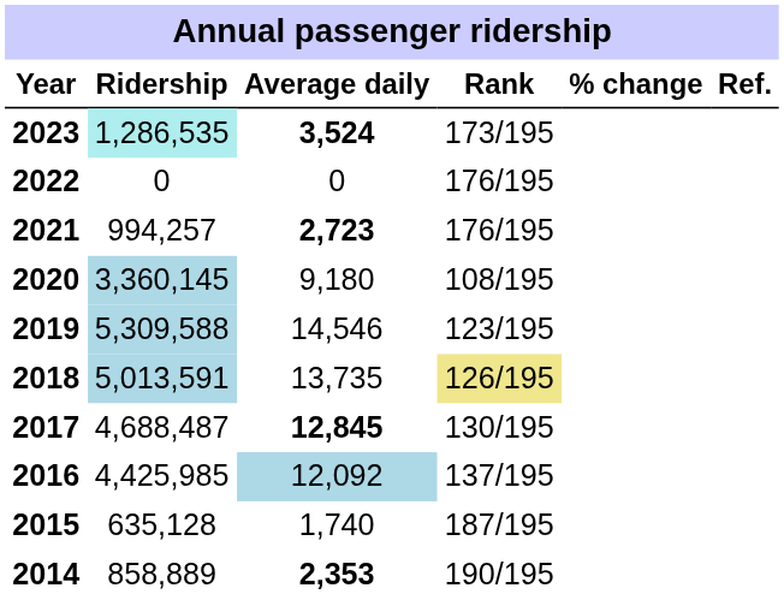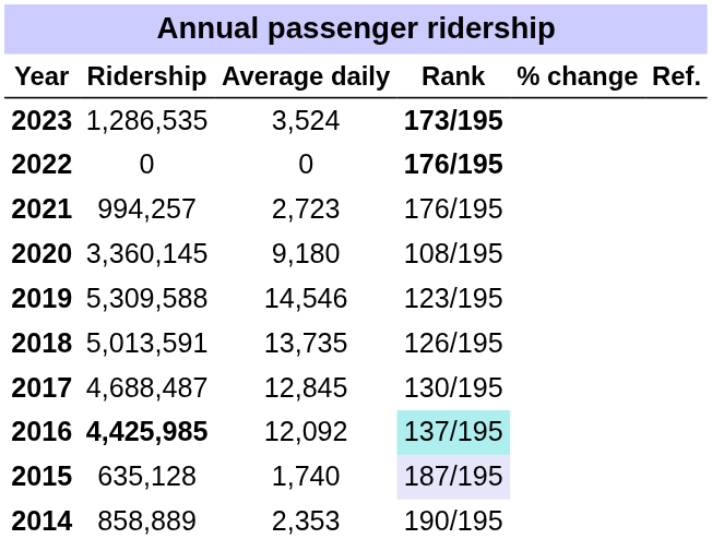 <table class="toccolours" cellpadding="4" cellspacing="0" style="text-align:right;">
 <tr>
 <th colspan="6"  style="background-color:#ccf; background-color:#ccf; font-size:110%; text-align:center;">Annual passenger ridership</th>
 </tr>
 <tr style="font-size:95%; text-align:center">
 <th style="border-bottom:1px solid black">Year</th>
 <th style="border-bottom:1px solid black">Ridership</th>
 <th style="border-bottom:1px solid black">Average daily</th>
 <th style="border-bottom:1px solid black">Rank</th>
 <th style="border-bottom:1px solid black">% change</th>
 <th style="border-bottom:1px solid black">Ref.</th>
 </tr>
 <tr style="text-align:center;">
 <td><strong>2023</strong></td>
-<td style="background: paleturquoise;">1,286,535</td>
-<td><strong>3,524</strong></td>
-<td>173/195</td>
+<td>1,286,535</td>
+<td>3,524</td>
+<td><strong>173/195</strong></td>
 <td></td>
 <td></td>
 </tr>
 <tr style="text-align:center;">
 <td><strong>2022</strong></td>
 <td>0</td>
 <td>0</td>
-<td>176/195</td>
+<td><strong>176/195</strong></td>
 <td></td>
 <td></td>
 </tr>
 <tr style="text-align:center;">
 <td><strong>2021</strong></td>
 <td>994,257</td>
-<td><strong>2,723</strong></td>
+<td>2,723</td>
 <td>176/195</td>
 <td></td>
 <td></td>
 </tr>
 <tr style="text-align:center;">
 <td><strong>2020</strong></td>
-<td style="background: lightblue;">3,360,145</td>
+<td>3,360,145</td>
 <td>9,180</td>
 <td>108/195</td>
 <td></td>
 <td></td>
 </tr>
 <tr style="text-align:center;">
 <td><strong>2019</strong></td>
-<td style="background: lightblue;">5,309,588</td>
+<td>5,309,588</td>
 <td>14,546</td>
 <td>123/195</td>
 <td></td>
 <td></td>
 </tr>
 <tr style="text-align:center;">
 <td><strong>2018</strong></td>
-<td style="background: lightblue;">5,013,591</td>
+<td>5,013,591</td>
 <td>13,735</td>
-<td style="background: khaki;">126/195</td>
+<td>126/195</td>
 <td></td>
 <td></td>
 </tr>
 <tr style="text-align:center;">
 <td><strong>2017</strong></td>
 <td>4,688,487</td>
-<td><strong>12,845</strong></td>
+<td>12,845</td>
 <td>130/195</td>
 <td></td>
 <td></td>
 </tr>
 <tr style="text-align:center;">
 <td><strong>2016</strong></td>
-<td>4,425,985</td>
-<td style="background: lightblue;">12,092</td>
-<td>137/195</td>
+<td><strong>4,425,985</strong></td>
+<td>12,092</td>
+<td style="background: paleturquoise;">137/195</td>
 <td></td>
 <td></td>
 </tr>
 <tr style="text-align:center;">
 <td><strong>2015</strong></td>
 <td>635,128</td>
 <td>1,740</td>
-<td>187/195</td>
+<td style="background: lavender;">187/195</td>
 <td></td>
 <td></td>
 </tr>
 <tr style="text-align:center;">
 <td><strong>2014</strong></td>
 <td>858,889</td>
-<td><strong>2,353</strong></td>
+<td>2,353</td>
 <td>190/195</td>
 <td></td>
 <td></td>
 </tr>
 </table>
